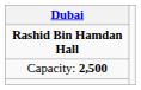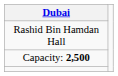 <table class="wikitable" style="text-align:center" align=center>
 <tr>
 <th><a href='#'>Dubai</a></th>
 <td rowspan=6></td>
 </tr>
 <tr>
-<td width=150px><strong>Rashid Bin Hamdan Hall</strong></td>
+<td width=150px>Rashid Bin Hamdan Hall</td>
 </tr>
 <tr>
 <td>Capacity: <strong>2,500</strong></td>
 </tr>
 <tr>
 <td></td>
 </tr>
 </table>
